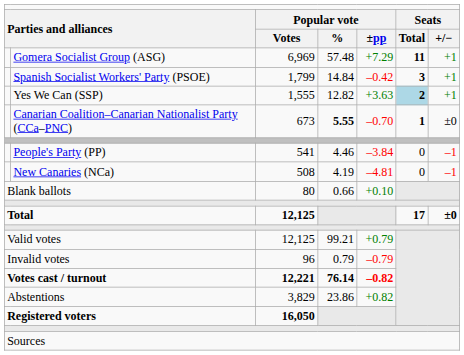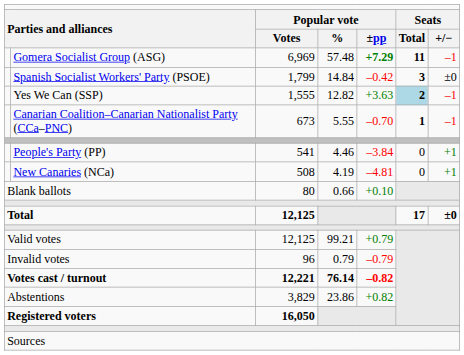 <table class="wikitable" style="text-align:right;">
 <tr>
 <td colspan="7"></td>
 </tr>
 <tr>
 <th style="text-align:left;" rowspan="2" colspan="2" width="525">Parties and alliances</th>
 <th colspan="3">Popular vote</th>
 <th colspan="2">Seats</th>
 </tr>
 <tr>
 <th width="75">Votes</th>
 <th width="45">%</th>
 <th width="45">±<a href='#'>pp</a></th>
 <th width="35">Total</th>
 <th width="35">+/−</th>
 </tr>
 <tr>
 <td width="1" style="color:inherit;background:"></td>
 <td align="left"><a href='#'>Gomera Socialist Group</a> (ASG)</td>
 <td>6,969</td>
 <td>57.48</td>
-<td style="color:green;">+7.29</td>
+<td style="color:green;"><strong>+7.29</strong></td>
 <td><strong>11</strong></td>
-<td style="color:green;">+1</td>
+<td style="color:red;">–1</td>
 </tr>
 <tr>
 <td style="color:inherit;background:"></td>
 <td align="left"><a href='#'>Spanish Socialist Workers' Party</a> (PSOE)</td>
 <td>1,799</td>
 <td>14.84</td>
 <td style="color:red;">–0.42</td>
 <td><strong>3</strong></td>
-<td style="color:green;">+1</td>
+<td>±0</td>
 </tr>
 <tr>
 <td style="color:inherit;background:"></td>
 <td align="left">Yes We Can (SSP)</td>
 <td>1,555</td>
 <td>12.82</td>
 <td style="color:green;">+3.63</td>
 <td style="background: lightblue;"><strong>2</strong></td>
-<td style="color:green;">+1</td>
+<td style="color:red;">–1</td>
 </tr>
 <tr>
 <td style="color:inherit;background:"></td>
 <td align="left"><a href='#'>Canarian Coalition–Canarian Nationalist Party</a> (<a href='#'>CCa</a>–<a href='#'>PNC</a>)</td>
 <td>673</td>
-<td><strong>5.55</strong></td>
+<td>5.55</td>
 <td style="color:red;">–0.70</td>
 <td><strong>1</strong></td>
-<td>±0</td>
+<td style="color:red;">–1</td>
 </tr>
 <tr>
 <td colspan="7" bgcolor="#C0C0C0"></td>
 </tr>
 <tr>
 <td style="color:inherit;background:"></td>
 <td align="left"><a href='#'>People's Party</a> (PP)</td>
 <td>541</td>
 <td>4.46</td>
 <td style="color:red;">–3.84</td>
 <td>0</td>
-<td style="color:red;">–1</td>
+<td style="color:green;">+1</td>
 </tr>
 <tr>
 <td style="color:inherit;background:"></td>
 <td align="left"><a href='#'>New Canaries</a> (NCa)</td>
 <td>508</td>
 <td>4.19</td>
 <td style="color:red;">–4.81</td>
 <td>0</td>
-<td style="color:red;">–1</td>
+<td style="color:green;">+1</td>
 </tr>
 <tr>
 <td align="left" colspan="2">Blank ballots</td>
 <td>80</td>
 <td>0.66</td>
 <td style="color:green;">+0.10</td>
 <td bgcolor="#E9E9E9" colspan="2"></td>
 </tr>
 <tr>
 <td colspan="7" bgcolor="#E9E9E9"></td>
 </tr>
 <tr style="font-weight:bold;">
 <td align="left" colspan="2">Total</td>
 <td>12,125</td>
 <td bgcolor="#E9E9E9" colspan="2"></td>
 <td>17</td>
 <td>±0</td>
 </tr>
 <tr>
 <td colspan="7" bgcolor="#E9E9E9"></td>
 </tr>
 <tr>
 <td align="left" colspan="2">Valid votes</td>
 <td>12,125</td>
 <td>99.21</td>
 <td style="color:green;">+0.79</td>
 <td bgcolor="#E9E9E9" colspan="2" rowspan="5"></td>
 </tr>
 <tr>
 <td align="left" colspan="2">Invalid votes</td>
 <td>96</td>
 <td>0.79</td>
 <td style="color:red;">–0.79</td>
 </tr>
 <tr style="font-weight:bold;">
 <td align="left" colspan="2">Votes cast / turnout</td>
 <td>12,221</td>
 <td>76.14</td>
 <td style="color:red;">–0.82</td>
 </tr>
 <tr>
 <td align="left" colspan="2">Abstentions</td>
 <td>3,829</td>
 <td>23.86</td>
 <td style="color:green;">+0.82</td>
 </tr>
 <tr style="font-weight:bold;">
 <td align="left" colspan="2">Registered voters</td>
 <td>16,050</td>
 <td bgcolor="#E9E9E9" colspan="2"></td>
 </tr>
 <tr>
 <td colspan="7" bgcolor="#E9E9E9"></td>
 </tr>
 <tr>
 <td align="left" colspan="7">Sources</td>
 </tr>
 </table>
